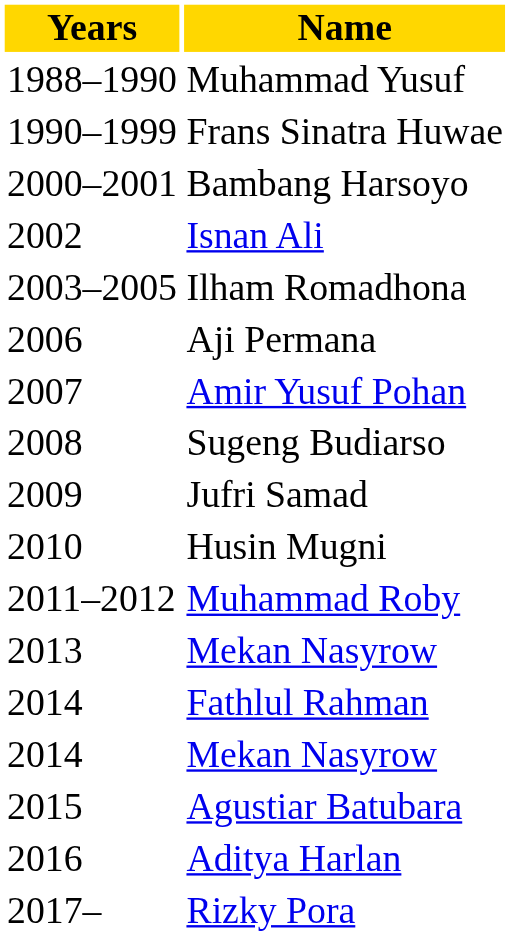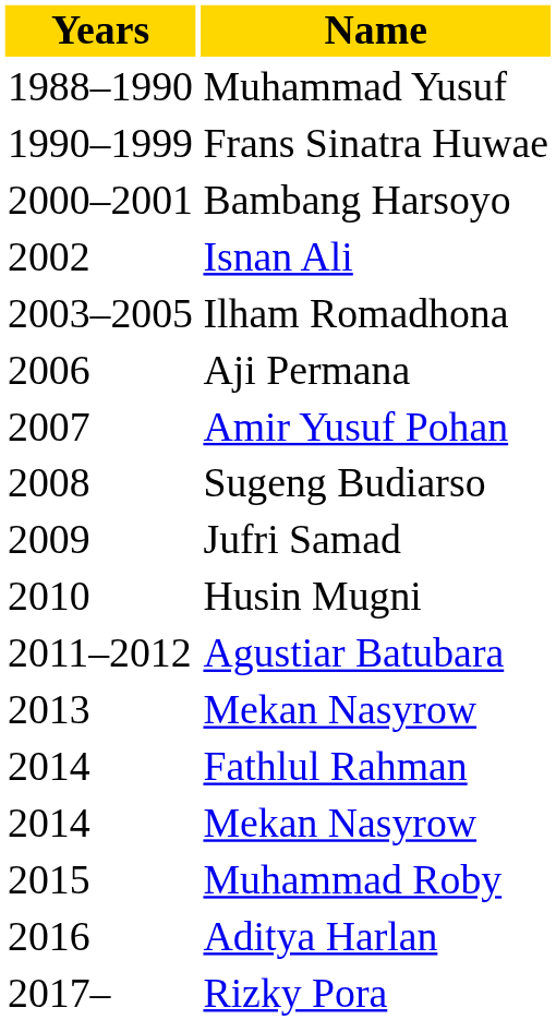 <table class="toccolours">
 <tr>
 <th bgcolor=gold>Years</th>
 <th bgcolor=gold>Name</th>
 </tr>
 <tr>
 <td>1988–1990</td>
 <td> Muhammad Yusuf</td>
 </tr>
 <tr>
 <td>1990–1999</td>
 <td> Frans Sinatra Huwae</td>
 </tr>
 <tr>
 <td>2000–2001</td>
 <td> Bambang Harsoyo</td>
 </tr>
 <tr>
 <td>2002</td>
 <td> <a href='#'>Isnan Ali</a></td>
 </tr>
 <tr>
 <td>2003–2005</td>
 <td> Ilham Romadhona</td>
 </tr>
 <tr>
 <td>2006</td>
 <td> Aji Permana</td>
 </tr>
 <tr>
 <td>2007</td>
 <td> <a href='#'>Amir Yusuf Pohan</a></td>
 </tr>
 <tr>
 <td>2008</td>
 <td> Sugeng Budiarso</td>
 </tr>
 <tr>
 <td>2009</td>
 <td> Jufri Samad</td>
 </tr>
 <tr>
 <td>2010</td>
 <td> Husin Mugni</td>
 </tr>
 <tr>
 <td>2011–2012</td>
-<td> <a href='#'>Muhammad Roby</a></td>
+<td> <a href='#'>Agustiar Batubara</a></td>
 </tr>
 <tr>
 <td>2013</td>
 <td> <a href='#'>Mekan Nasyrow</a></td>
 </tr>
 <tr>
 <td>2014</td>
 <td> <a href='#'>Fathlul Rahman</a></td>
 </tr>
 <tr>
 <td>2014</td>
 <td> <a href='#'>Mekan Nasyrow</a></td>
 </tr>
 <tr>
 <td>2015</td>
-<td> <a href='#'>Agustiar Batubara</a></td>
+<td> <a href='#'>Muhammad Roby</a></td>
 </tr>
 <tr>
 <td>2016</td>
 <td> <a href='#'>Aditya Harlan</a></td>
 </tr>
 <tr>
 <td>2017–</td>
 <td> <a href='#'>Rizky Pora</a></td>
 </tr>
 </table>
